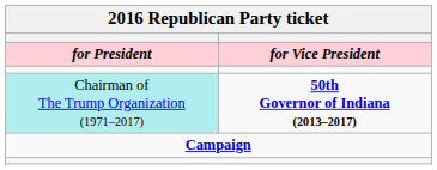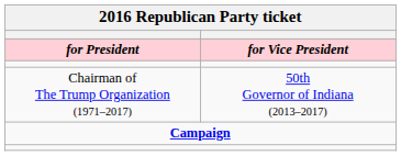 <table class="wikitable" style="font-size:90%; text-align:center;">
 <tr>
 <td style="background:#F1F1F1;" colspan="30"><big><strong>2016 Republican Party ticket</strong></big></td>
 </tr>
 <tr>
 <th style="width:3em; font-size:135%; background:"><a href='#'></a></th>
 <th style="width:3em; font-size:135%; background:"><a href='#'></a></th>
 </tr>
 <tr>
 <td style="width:3em; font-size:100%; color:#000; background:#FFD0D7; width:200px;"><strong><em>for President</em></strong></td>
 <td style="width:3em; font-size:100%; color:#000; background:#FFD0D7; width:200px;"><strong><em>for Vice President</em></strong></td>
 </tr>
 <tr>
 <td></td>
 <td></td>
 </tr>
 <tr>
-<td style="background: paleturquoise;">Chairman of<br> <a href='#'>The Trump Organization</a><br><small>(1971–2017)</small></td>
-<td><strong><a href='#'>50th</a><br><a href='#'>Governor of Indiana</a><br><small>(2013–2017)</small></strong></td>
+<td>Chairman of<br> <a href='#'>The Trump Organization</a><br><small>(1971–2017)</small></td>
+<td><a href='#'>50th</a><br><a href='#'>Governor of Indiana</a><br><small>(2013–2017)</small></td>
 </tr>
 <tr>
 <td colspan=2><a href='#'><strong>Campaign</strong></a></td>
 </tr>
 <tr>
 <td colspan=2></td>
 </tr>
 </table>
